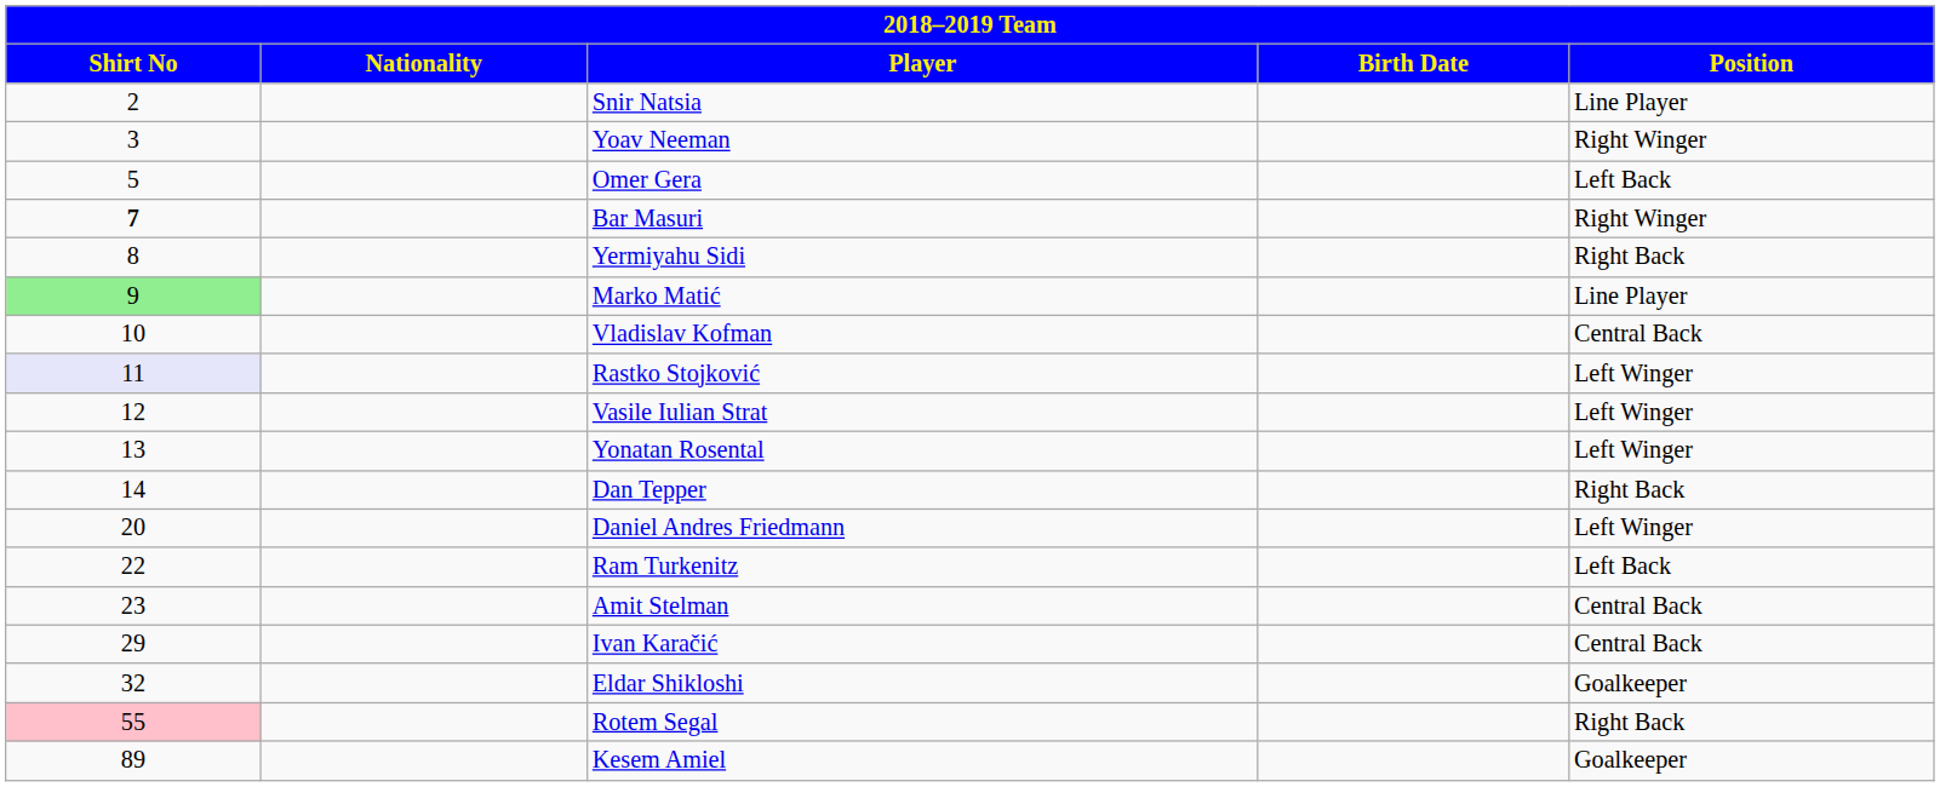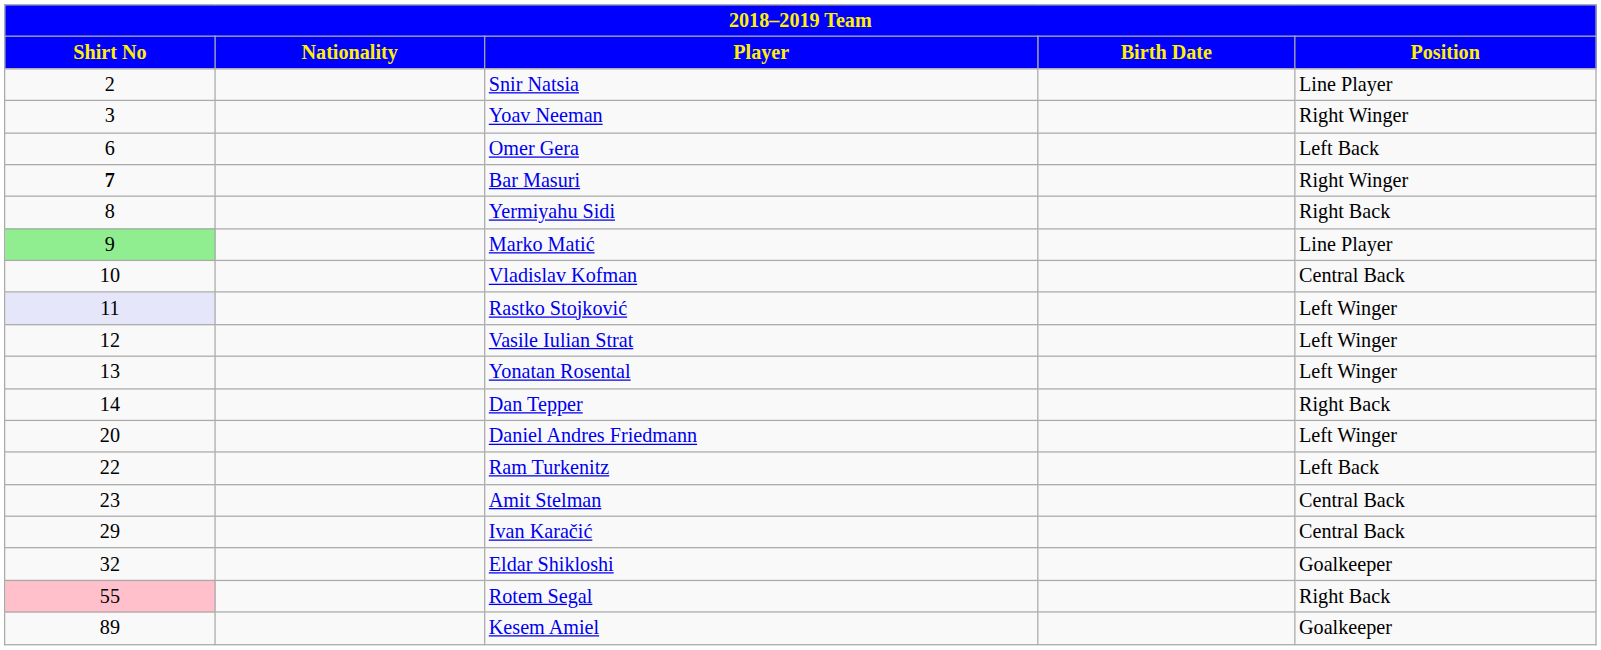 <table class="wikitable collapsible collapsed" style="width:100%">
 <tr>
 <th colspan="5" style="background:#0000FF; color:#FFF000; text-align:center;"><strong>2018–2019 Team</strong></th>
 </tr>
 <tr>
 <th style="color:#FFF000; background:#0000FF">Shirt No</th>
 <th style="color:#FFF000; background:#0000FF">Nationality</th>
 <th style="color:#FFF000; background:#0000FF">Player</th>
 <th style="color:#FFF000; background:#0000FF">Birth Date</th>
 <th style="color:#FFF000; background:#0000FF">Position</th>
 </tr>
 <tr>
 <td align=center>2</td>
 <td></td>
 <td><a href='#'>Snir Natsia</a></td>
 <td></td>
 <td>Line Player</td>
 </tr>
 <tr>
 <td align=center>3</td>
 <td></td>
 <td><a href='#'>Yoav Neeman</a></td>
 <td></td>
 <td>Right Winger</td>
 </tr>
 <tr>
-<td align=center>5</td>
+<td align=center>6</td>
 <td></td>
 <td><a href='#'>Omer Gera</a></td>
 <td></td>
 <td>Left Back</td>
 </tr>
 <tr>
 <td align=center><strong>7</strong></td>
 <td></td>
 <td><a href='#'>Bar Masuri</a></td>
 <td></td>
 <td>Right Winger</td>
 </tr>
 <tr>
 <td align=center>8</td>
 <td></td>
 <td><a href='#'>Yermiyahu Sidi</a></td>
 <td></td>
 <td>Right Back</td>
 </tr>
 <tr>
 <td align=center style="background: lightgreen;">9</td>
 <td></td>
 <td><a href='#'>Marko Matić</a></td>
 <td></td>
 <td>Line Player</td>
 </tr>
 <tr>
 <td align=center>10</td>
 <td></td>
 <td><a href='#'>Vladislav Kofman</a></td>
 <td></td>
 <td>Central Back</td>
 </tr>
 <tr>
 <td align=center style="background: lavender;">11</td>
 <td></td>
 <td><a href='#'>Rastko Stojković</a></td>
 <td></td>
 <td>Left Winger</td>
 </tr>
 <tr>
 <td align=center>12</td>
 <td></td>
 <td><a href='#'>Vasile Iulian Strat</a></td>
 <td></td>
 <td>Left Winger</td>
 </tr>
 <tr>
 <td align=center>13</td>
 <td></td>
 <td><a href='#'>Yonatan Rosental</a></td>
 <td></td>
 <td>Left Winger</td>
 </tr>
 <tr>
 <td align=center>14</td>
 <td></td>
 <td><a href='#'>Dan Tepper</a></td>
 <td></td>
 <td>Right Back</td>
 </tr>
 <tr>
 <td align=center>20</td>
 <td></td>
 <td><a href='#'>Daniel Andres Friedmann</a></td>
 <td></td>
 <td>Left Winger</td>
 </tr>
 <tr>
 <td align=center>22</td>
 <td></td>
 <td><a href='#'>Ram Turkenitz</a></td>
 <td></td>
 <td>Left Back</td>
 </tr>
 <tr>
 <td align=center>23</td>
 <td></td>
 <td><a href='#'>Amit Stelman</a></td>
 <td></td>
 <td>Central Back</td>
 </tr>
 <tr>
 <td align=center>29</td>
 <td></td>
 <td><a href='#'>Ivan Karačić</a></td>
 <td></td>
 <td>Central Back</td>
 </tr>
 <tr>
 <td align=center>32</td>
 <td></td>
 <td><a href='#'>Eldar Shikloshi</a></td>
 <td></td>
 <td>Goalkeeper</td>
 </tr>
 <tr>
 <td align=center style="background: pink;">55</td>
 <td></td>
 <td><a href='#'>Rotem Segal</a></td>
 <td></td>
 <td>Right Back</td>
 </tr>
 <tr>
 <td align=center>89</td>
 <td></td>
 <td><a href='#'>Kesem Amiel</a></td>
 <td></td>
 <td>Goalkeeper</td>
 </tr>
 </table>
